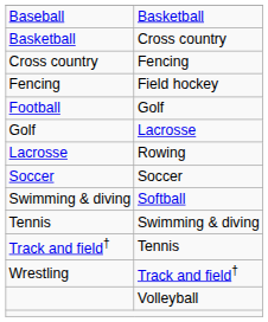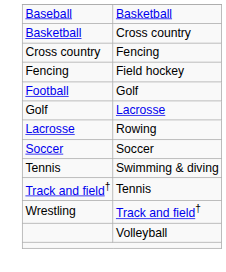 <table class="wikitable" style="float:right; clear:right; margin:0 0 1em 1em;">
 <tr>
 </tr>
 <tr>
 <td><a href='#'>Baseball</a></td>
 <td><a href='#'>Basketball</a></td>
 </tr>
 <tr>
 <td><a href='#'>Basketball</a></td>
 <td>Cross country</td>
 </tr>
 <tr>
 <td>Cross country</td>
 <td>Fencing</td>
 </tr>
 <tr>
 <td>Fencing</td>
 <td>Field hockey</td>
 </tr>
 <tr>
 <td><a href='#'>Football</a></td>
 <td>Golf</td>
 </tr>
 <tr>
 <td>Golf</td>
 <td><a href='#'>Lacrosse</a></td>
 </tr>
 <tr>
 <td><a href='#'>Lacrosse</a></td>
 <td>Rowing</td>
 </tr>
 <tr>
 <td><a href='#'>Soccer</a></td>
 <td>Soccer</td>
 </tr>
 <tr>
-<td>Swimming & diving</td>
-<td><a href='#'>Softball</a></td>
-</tr>
-<tr>
 <td>Tennis</td>
 <td>Swimming & diving</td>
 </tr>
 <tr>
 <td><a href='#'>Track and field</a><sup>†</sup></td>
 <td>Tennis</td>
 </tr>
 <tr>
 <td>Wrestling</td>
 <td><a href='#'>Track and field</a><sup>†</sup></td>
 </tr>
 <tr>
 <td></td>
 <td>Volleyball</td>
 </tr>
 <tr>
 <td colspan="2"></td>
 </tr>
 </table>
